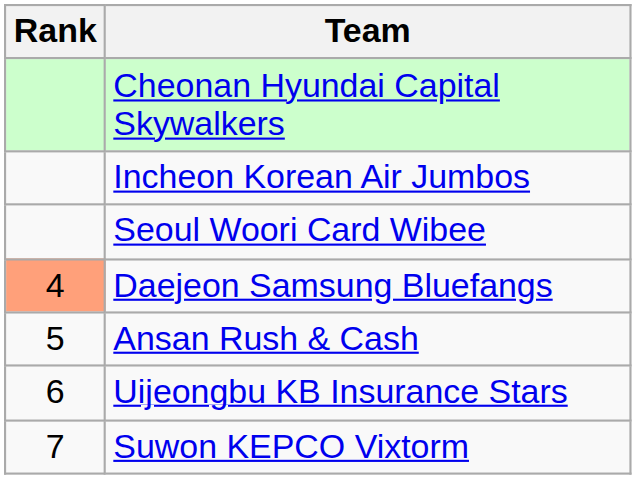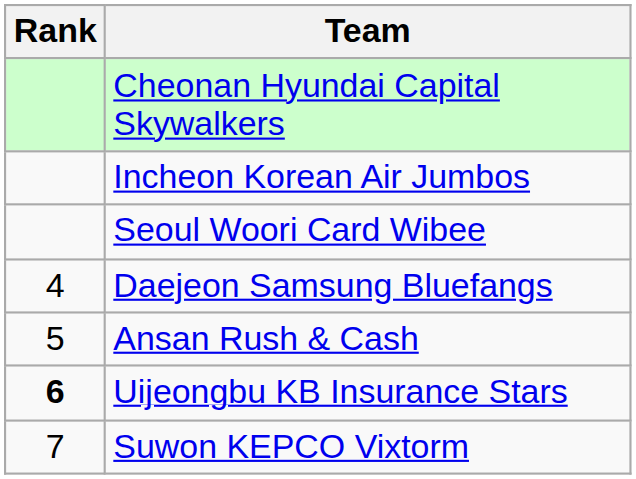 <table class="wikitable" style="text-align: center;">
 <tr>
 <th width=40>Rank</th>
 <th width=240>Team</th>
 </tr>
 <tr bgcolor=#ccffcc>
 <td></td>
 <td align=left><a href='#'>Cheonan Hyundai Capital Skywalkers</a></td>
 </tr>
 <tr>
 <td></td>
 <td align=left><a href='#'>Incheon Korean Air Jumbos</a></td>
 </tr>
 <tr>
 <td></td>
 <td align=left><a href='#'>Seoul Woori Card Wibee</a></td>
 </tr>
 <tr>
-<td style="background: lightsalmon;">4</td>
+<td>4</td>
 <td align=left><a href='#'>Daejeon Samsung Bluefangs</a></td>
 </tr>
 <tr>
 <td>5</td>
 <td align=left><a href='#'>Ansan Rush & Cash</a></td>
 </tr>
 <tr>
-<td>6</td>
+<td><strong>6</strong></td>
 <td align=left><a href='#'>Uijeongbu KB Insurance Stars</a></td>
 </tr>
 <tr>
 <td>7</td>
 <td align=left><a href='#'>Suwon KEPCO Vixtorm</a></td>
 </tr>
 </table>
